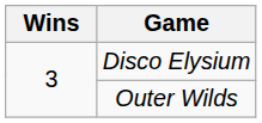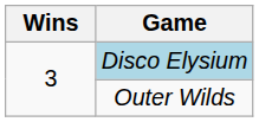 <table class="wikitable" style="text-align:center;">
 <tr>
 <th scope="col" width="55">Wins</th>
 <th scope="col" align="center">Game</th>
 </tr>
 <tr>
 <td rowspan="2" style="text-align:center">3</td>
-<td><em>Disco Elysium</em></td>
+<td style="background: lightblue;"><em>Disco Elysium</em></td>
 </tr>
 <tr>
 <td><em>Outer Wilds</em></td>
 </tr>
 </table>
